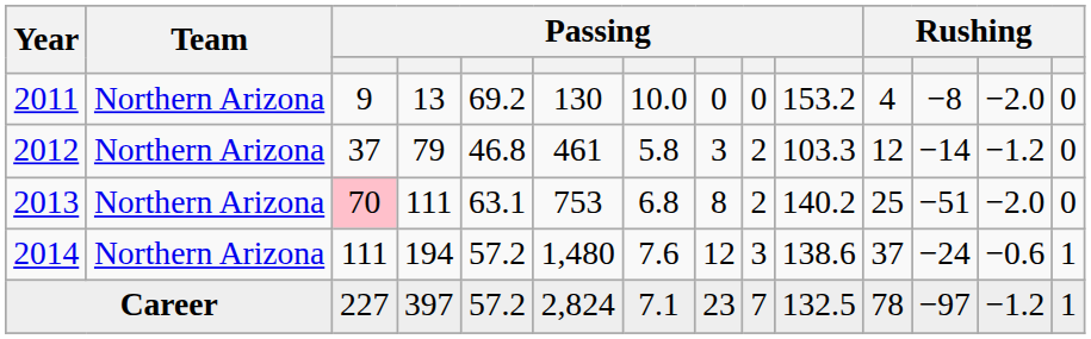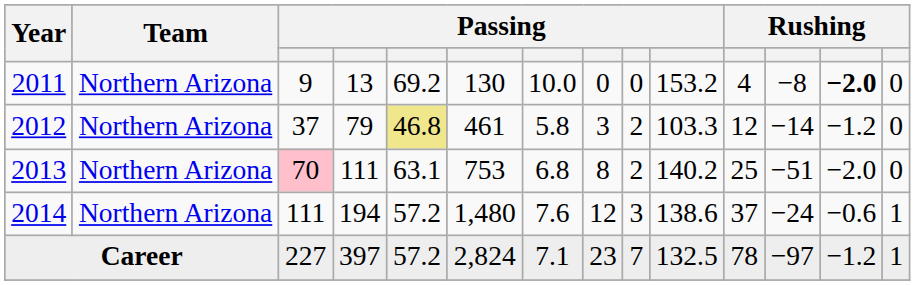 <table class="wikitable sortable" style="text-align:center;">
 <tr>
 <th rowspan=2>Year</th>
 <th rowspan=2>Team</th>
 <th colspan=8>Passing</th>
 <th colspan=4>Rushing</th>
 </tr>
 <tr>
 <th></th>
 <th></th>
 <th></th>
 <th></th>
 <th></th>
 <th></th>
 <th></th>
 <th></th>
 <th></th>
 <th></th>
 <th></th>
 <th></th>
 </tr>
 <tr>
 <td><a href='#'>2011</a></td>
 <td><a href='#'>Northern Arizona</a></td>
 <td>9</td>
 <td>13</td>
 <td>69.2</td>
 <td>130</td>
 <td>10.0</td>
 <td>0</td>
 <td>0</td>
 <td>153.2</td>
 <td>4</td>
 <td>−8</td>
-<td>−2.0</td>
+<td><strong>−2.0</strong></td>
 <td>0</td>
 </tr>
 <tr>
 <td><a href='#'>2012</a></td>
 <td><a href='#'>Northern Arizona</a></td>
 <td>37</td>
 <td>79</td>
-<td>46.8</td>
+<td style="background: khaki;">46.8</td>
 <td>461</td>
 <td>5.8</td>
 <td>3</td>
 <td>2</td>
 <td>103.3</td>
 <td>12</td>
 <td>−14</td>
 <td>−1.2</td>
 <td>0</td>
 </tr>
 <tr>
 <td><a href='#'>2013</a></td>
 <td><a href='#'>Northern Arizona</a></td>
 <td style="background: pink;">70</td>
 <td>111</td>
 <td>63.1</td>
 <td>753</td>
 <td>6.8</td>
 <td>8</td>
 <td>2</td>
 <td>140.2</td>
 <td>25</td>
 <td>−51</td>
 <td>−2.0</td>
 <td>0</td>
 </tr>
 <tr>
 <td><a href='#'>2014</a></td>
 <td><a href='#'>Northern Arizona</a></td>
 <td>111</td>
 <td>194</td>
 <td>57.2</td>
 <td>1,480</td>
 <td>7.6</td>
 <td>12</td>
 <td>3</td>
 <td>138.6</td>
 <td>37</td>
 <td>−24</td>
 <td>−0.6</td>
 <td>1</td>
 </tr>
 <tr class="sortbottom" style="background:#eee;">
 <td colspan=2><strong>Career</strong></td>
 <td>227</td>
 <td>397</td>
 <td>57.2</td>
 <td>2,824</td>
 <td>7.1</td>
 <td>23</td>
 <td>7</td>
 <td>132.5</td>
 <td>78</td>
 <td>−97</td>
 <td>−1.2</td>
 <td>1</td>
 </tr>
 </table>
